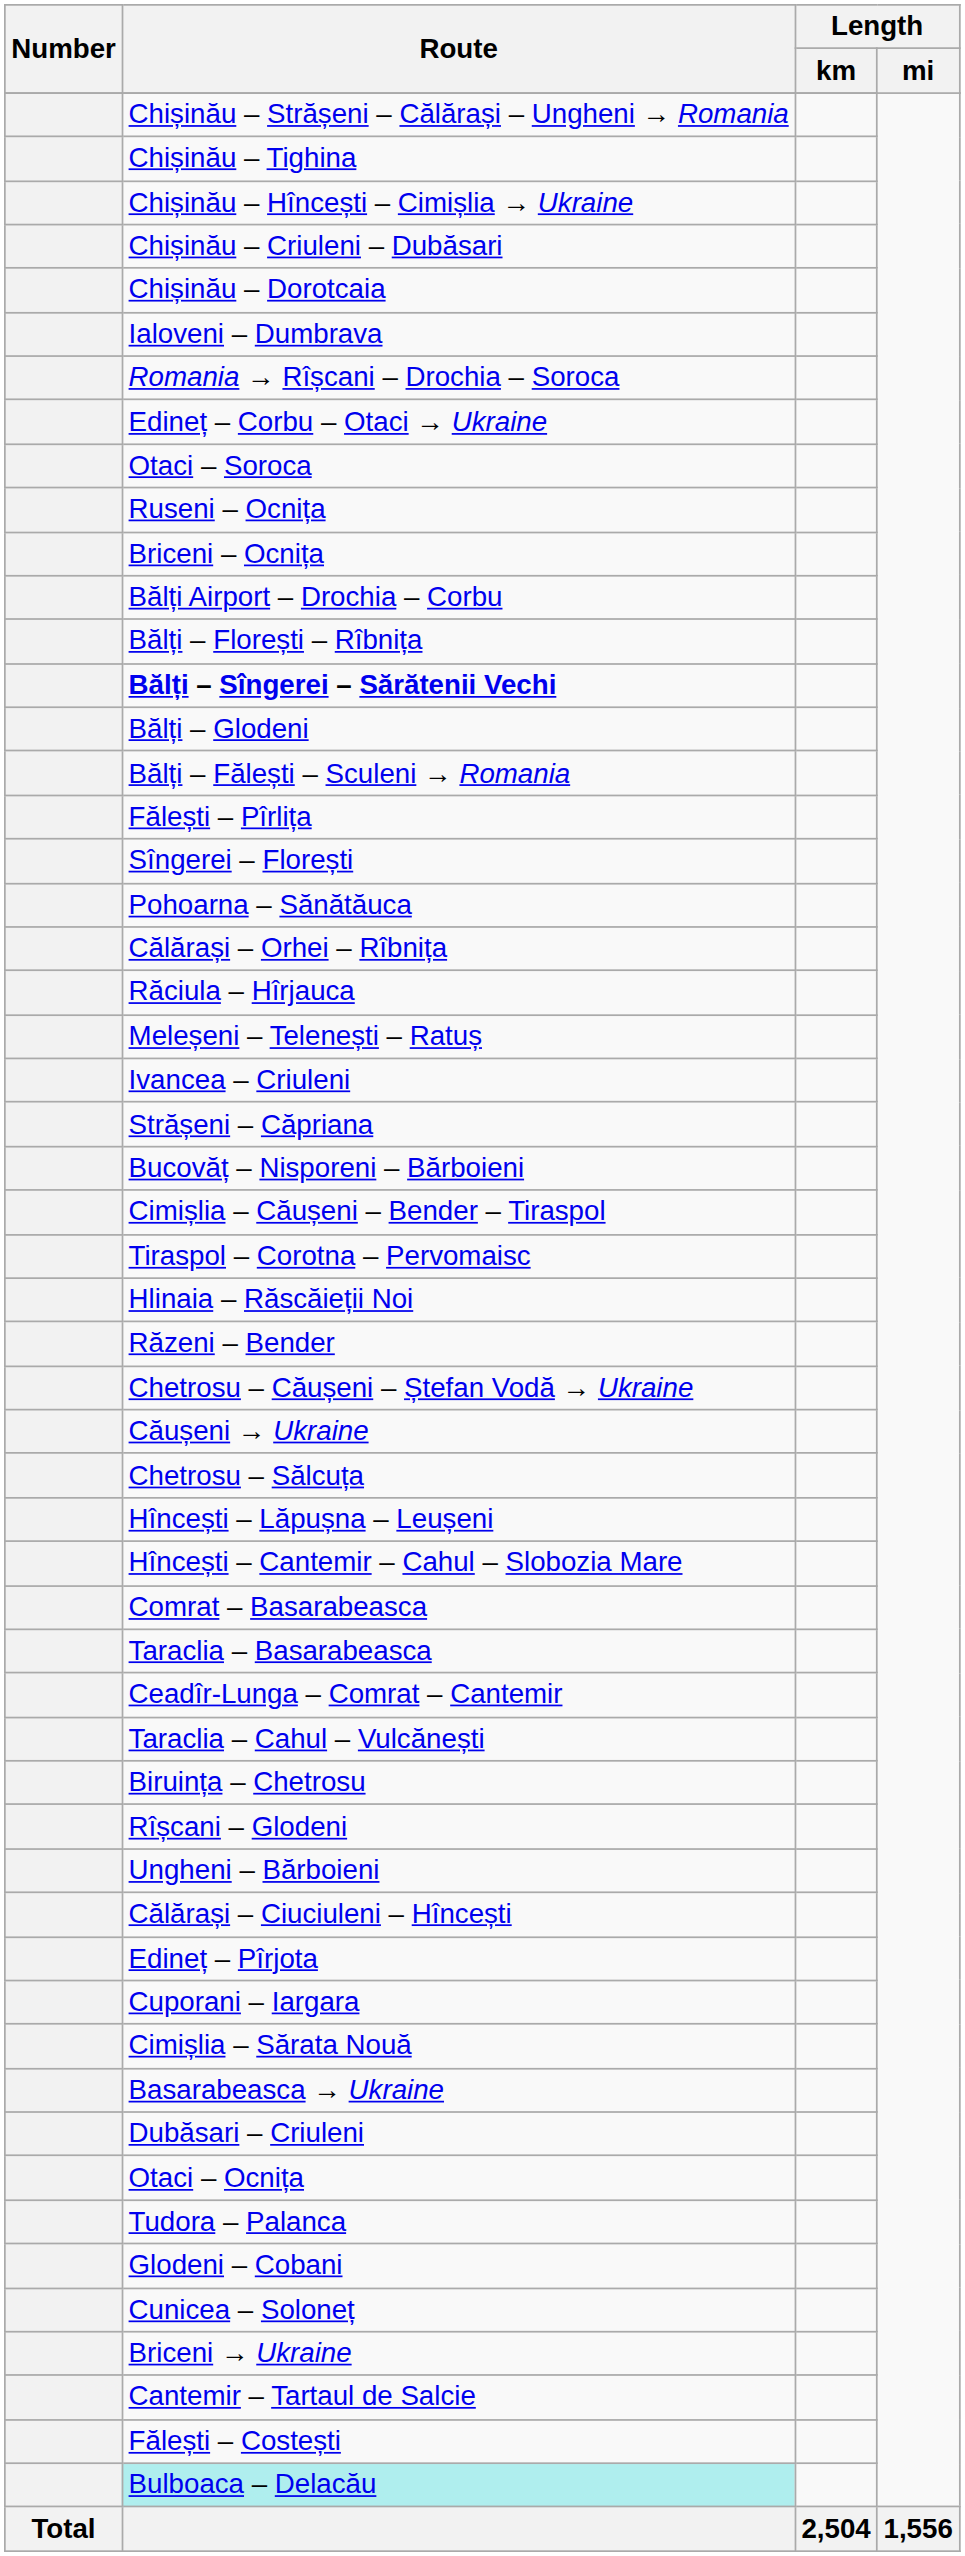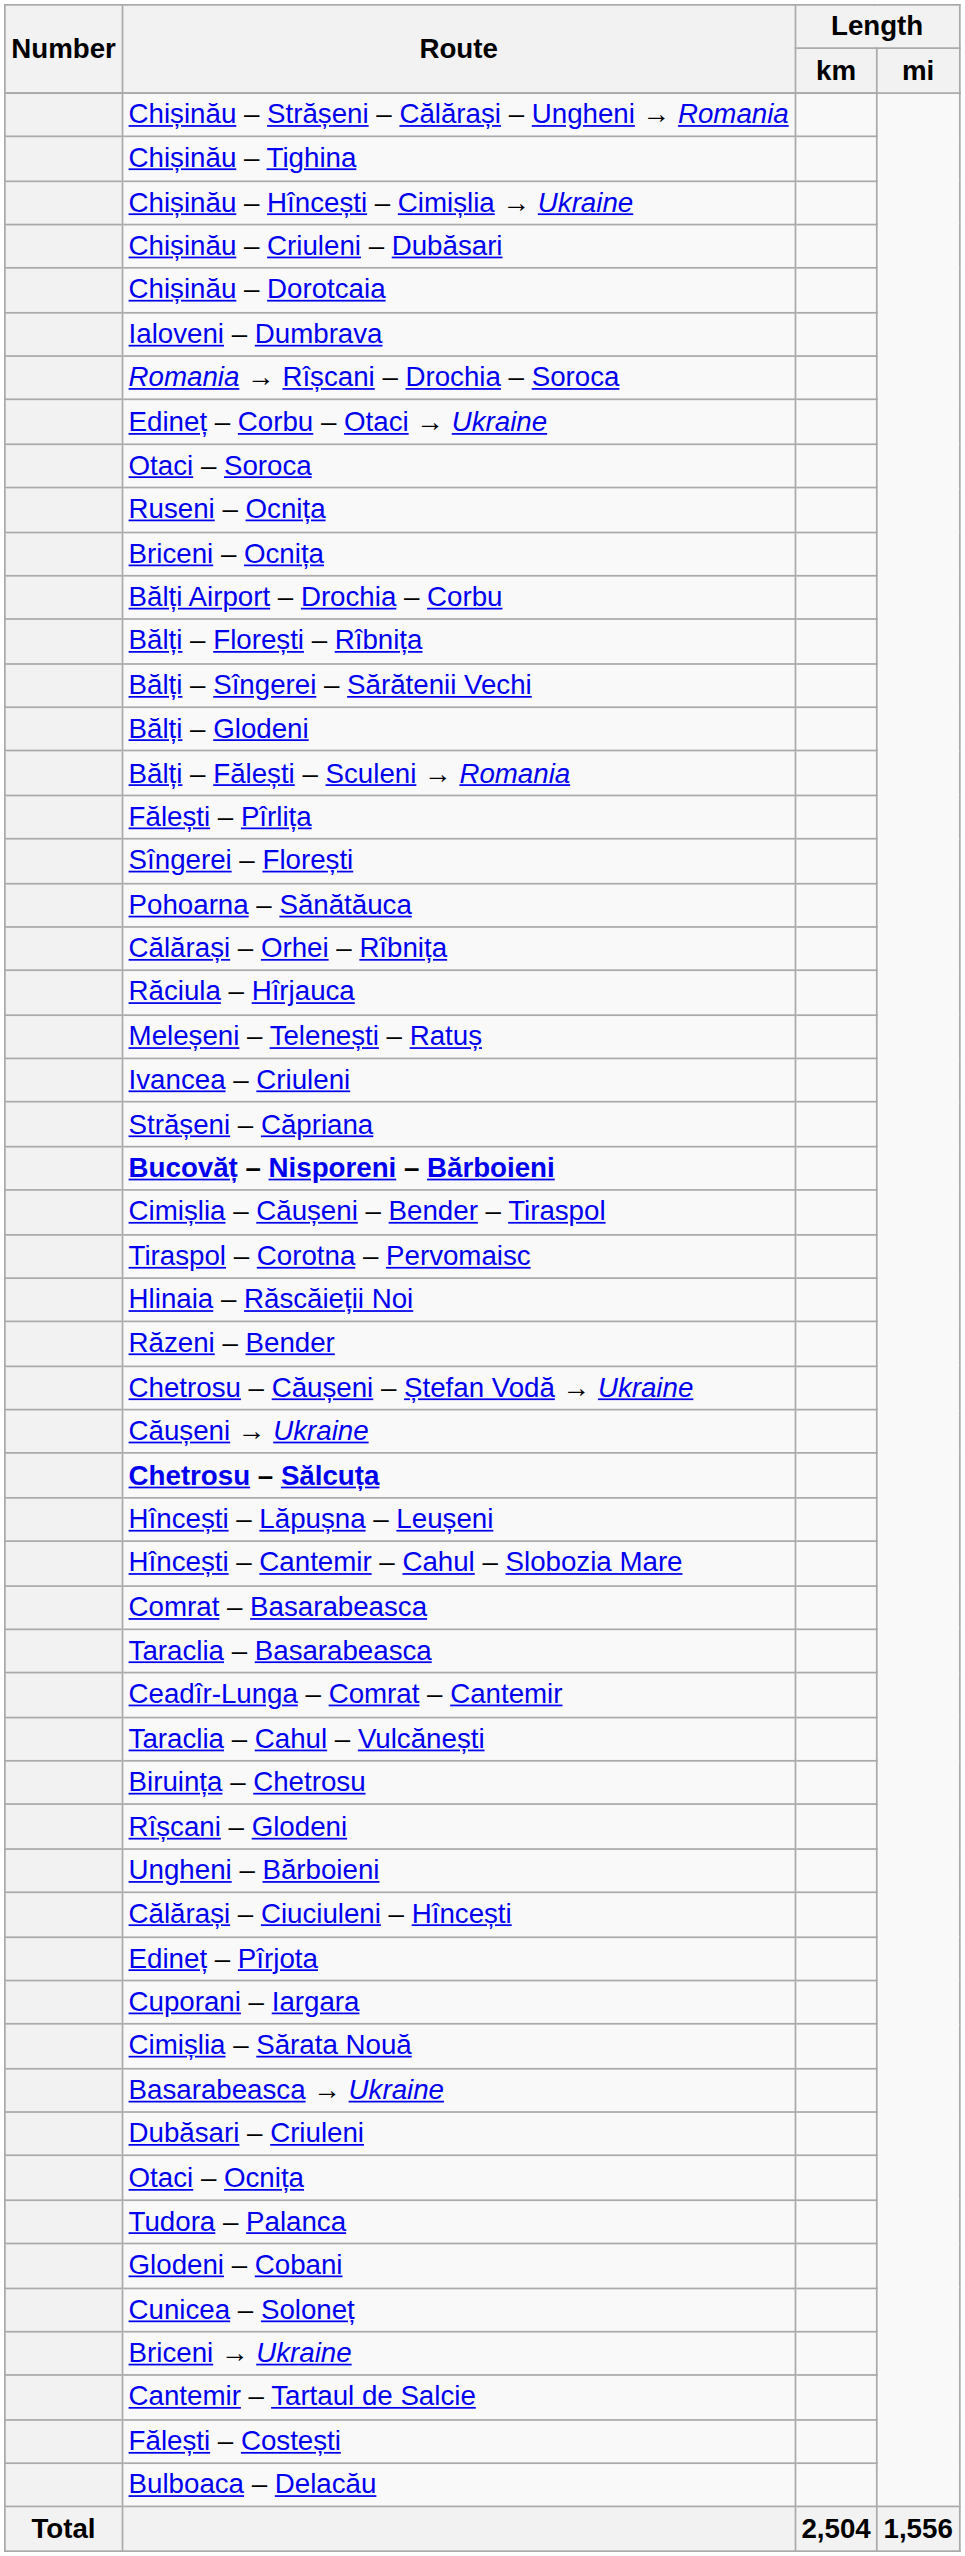 <table class="wikitable">
 <tr>
 <th rowspan=2>Number</th>
 <th rowspan=2>Route</th>
 <th colspan=2>Length</th>
 </tr>
 <tr>
 <th>km</th>
 <th>mi</th>
 </tr>
 <tr>
 </tr>
 <tr>
 <th></th>
 <td><a href='#'>Chișinău</a> – <a href='#'>Strășeni</a> – <a href='#'>Călărași</a> – <a href='#'>Ungheni</a> → <em><a href='#'>Romania</a></em> </td>
 <td></td>
 </tr>
 <tr>
 <th></th>
 <td><a href='#'>Chișinău</a> – <a href='#'>Tighina</a></td>
 <td></td>
 </tr>
 <tr>
 <th></th>
 <td><a href='#'>Chișinău</a> – <a href='#'>Hîncești</a> – <a href='#'>Cimișlia</a> → <em><a href='#'>Ukraine</a></em> </td>
 <td></td>
 </tr>
 <tr>
 <th></th>
 <td><a href='#'>Chișinău</a> – <a href='#'>Criuleni</a> – <a href='#'>Dubăsari</a></td>
 <td></td>
 </tr>
 <tr>
 <th></th>
 <td><a href='#'>Chișinău</a> – <a href='#'>Dorotcaia</a></td>
 <td></td>
 </tr>
 <tr>
 <th></th>
 <td><a href='#'>Ialoveni</a> – <a href='#'>Dumbrava</a></td>
 <td></td>
 </tr>
 <tr>
 <th></th>
 <td><em><a href='#'>Romania</a></em>  → <a href='#'>Rîșcani</a> – <a href='#'>Drochia</a> – <a href='#'>Soroca</a></td>
 <td></td>
 </tr>
 <tr>
 <th></th>
 <td><a href='#'>Edineț</a> – <a href='#'>Corbu</a> – <a href='#'>Otaci</a> → <em><a href='#'>Ukraine</a></em> </td>
 <td></td>
 </tr>
 <tr>
 <th></th>
 <td><a href='#'>Otaci</a> – <a href='#'>Soroca</a></td>
 <td></td>
 </tr>
 <tr>
 <th></th>
 <td><a href='#'>Ruseni</a> – <a href='#'>Ocnița</a></td>
 <td></td>
 </tr>
 <tr>
 <th></th>
 <td><a href='#'>Briceni</a> – <a href='#'>Ocnița</a></td>
 <td></td>
 </tr>
 <tr>
 <th></th>
 <td><a href='#'>Bălți Airport</a> – <a href='#'>Drochia</a> – <a href='#'>Corbu</a></td>
 <td></td>
 </tr>
 <tr>
 <th></th>
 <td><a href='#'>Bălți</a> – <a href='#'>Florești</a> – <a href='#'>Rîbnița</a></td>
 <td></td>
 </tr>
 <tr>
 <th></th>
-<td><strong><a href='#'>Bălți</a> – <a href='#'>Sîngerei</a> – <a href='#'>Sărătenii Vechi</a></strong></td>
+<td><a href='#'>Bălți</a> – <a href='#'>Sîngerei</a> – <a href='#'>Sărătenii Vechi</a></td>
 <td></td>
 </tr>
 <tr>
 <th></th>
 <td><a href='#'>Bălți</a> – <a href='#'>Glodeni</a></td>
 <td></td>
 </tr>
 <tr>
 <th></th>
 <td><a href='#'>Bălți</a> – <a href='#'>Fălești</a> – <a href='#'>Sculeni</a> → <em><a href='#'>Romania</a></em> </td>
 <td></td>
 </tr>
 <tr>
 <th></th>
 <td><a href='#'>Fălești</a> – <a href='#'>Pîrlița</a></td>
 <td></td>
 </tr>
 <tr>
 <th></th>
 <td><a href='#'>Sîngerei</a> – <a href='#'>Florești</a></td>
 <td></td>
 </tr>
 <tr>
 <th></th>
 <td><a href='#'>Pohoarna</a> – <a href='#'>Sănătăuca</a></td>
 <td></td>
 </tr>
 <tr>
 <th></th>
 <td><a href='#'>Călărași</a> – <a href='#'>Orhei</a> – <a href='#'>Rîbnița</a></td>
 <td></td>
 </tr>
 <tr>
 <th></th>
 <td><a href='#'>Răciula</a> – <a href='#'>Hîrjauca</a></td>
 <td></td>
 </tr>
 <tr>
 <th></th>
 <td><a href='#'>Meleșeni</a> – <a href='#'>Telenești</a> – <a href='#'>Ratuș</a></td>
 <td></td>
 </tr>
 <tr>
 <th></th>
 <td><a href='#'>Ivancea</a> – <a href='#'>Criuleni</a></td>
 <td></td>
 </tr>
 <tr>
 <th></th>
 <td><a href='#'>Strășeni</a> – <a href='#'>Căpriana</a></td>
 <td></td>
 </tr>
 <tr>
 <th></th>
-<td><a href='#'>Bucovăț</a> – <a href='#'>Nisporeni</a> – <a href='#'>Bărboieni</a></td>
+<td><strong><a href='#'>Bucovăț</a> – <a href='#'>Nisporeni</a> – <a href='#'>Bărboieni</a></strong></td>
 <td></td>
 </tr>
 <tr>
 <th></th>
 <td><a href='#'>Cimișlia</a> – <a href='#'>Căușeni</a> – <a href='#'>Bender</a> – <a href='#'>Tiraspol</a></td>
 <td></td>
 </tr>
 <tr>
 <th></th>
 <td><a href='#'>Tiraspol</a> – <a href='#'>Corotna</a> – <a href='#'>Pervomaisc</a></td>
 <td></td>
 </tr>
 <tr>
 <th></th>
 <td><a href='#'>Hlinaia</a> – <a href='#'>Răscăieții Noi</a></td>
 <td></td>
 </tr>
 <tr>
 <th></th>
 <td><a href='#'>Răzeni</a> – <a href='#'>Bender</a></td>
 <td></td>
 </tr>
 <tr>
 <th></th>
 <td><a href='#'>Chetrosu</a> – <a href='#'>Căușeni</a> – <a href='#'>Ștefan Vodă</a> → <em><a href='#'>Ukraine</a></em> </td>
 <td></td>
 </tr>
 <tr>
 <th></th>
 <td><a href='#'>Căușeni</a> → <em><a href='#'>Ukraine</a></em> </td>
 <td></td>
 </tr>
 <tr>
 <th></th>
-<td><a href='#'>Chetrosu</a> – <a href='#'>Sălcuța</a></td>
+<td><strong><a href='#'>Chetrosu</a> – <a href='#'>Sălcuța</a></strong></td>
 <td></td>
 </tr>
 <tr>
 <th></th>
 <td><a href='#'>Hîncești</a> – <a href='#'>Lăpușna</a> – <a href='#'>Leușeni</a></td>
 <td></td>
 </tr>
 <tr>
 <th></th>
 <td><a href='#'>Hîncești</a> – <a href='#'>Cantemir</a> – <a href='#'>Cahul</a> – <a href='#'>Slobozia Mare</a></td>
 <td></td>
 </tr>
 <tr>
 <th></th>
 <td><a href='#'>Comrat</a> – <a href='#'>Basarabeasca</a></td>
 <td></td>
 </tr>
 <tr>
 <th></th>
 <td><a href='#'>Taraclia</a> – <a href='#'>Basarabeasca</a></td>
 <td></td>
 </tr>
 <tr>
 <th></th>
 <td><a href='#'>Ceadîr-Lunga</a> – <a href='#'>Comrat</a> – <a href='#'>Cantemir</a></td>
 <td></td>
 </tr>
 <tr>
 <th></th>
 <td><a href='#'>Taraclia</a> – <a href='#'>Cahul</a> – <a href='#'>Vulcănești</a></td>
 <td></td>
 </tr>
 <tr>
 <th></th>
 <td><a href='#'>Biruința</a> – <a href='#'>Chetrosu</a></td>
 <td></td>
 </tr>
 <tr>
 <th></th>
 <td><a href='#'>Rîșcani</a> – <a href='#'>Glodeni</a></td>
 <td></td>
 </tr>
 <tr>
 <th></th>
 <td><a href='#'>Ungheni</a> – <a href='#'>Bărboieni</a></td>
 <td></td>
 </tr>
 <tr>
 <th></th>
 <td><a href='#'>Călărași</a> – <a href='#'>Ciuciuleni</a> – <a href='#'>Hîncești</a></td>
 <td></td>
 </tr>
 <tr>
 <th></th>
 <td><a href='#'>Edineț</a> – <a href='#'>Pîrjota</a></td>
 <td></td>
 </tr>
 <tr>
 <th></th>
 <td><a href='#'>Cuporani</a> – <a href='#'>Iargara</a></td>
 <td></td>
 </tr>
 <tr>
 <th></th>
 <td><a href='#'>Cimișlia</a> – <a href='#'>Sărata Nouă</a></td>
 <td></td>
 </tr>
 <tr>
 <th></th>
 <td><a href='#'>Basarabeasca</a> → <em><a href='#'>Ukraine</a></em> </td>
 <td></td>
 </tr>
 <tr>
 <th></th>
 <td><a href='#'>Dubăsari</a> – <a href='#'>Criuleni</a></td>
 <td></td>
 </tr>
 <tr>
 <th></th>
 <td><a href='#'>Otaci</a> – <a href='#'>Ocnița</a></td>
 <td></td>
 </tr>
 <tr>
 <th></th>
 <td><a href='#'>Tudora</a> – <a href='#'>Palanca</a></td>
 <td></td>
 </tr>
 <tr>
 <th></th>
 <td><a href='#'>Glodeni</a> – <a href='#'>Cobani</a></td>
 <td></td>
 </tr>
 <tr>
 <th></th>
 <td><a href='#'>Cunicea</a> – <a href='#'>Soloneț</a></td>
 <td></td>
 </tr>
 <tr>
 <th></th>
 <td><a href='#'>Briceni</a> → <em><a href='#'>Ukraine</a></em> </td>
 <td></td>
 </tr>
 <tr>
 <th></th>
 <td><a href='#'>Cantemir</a> – <a href='#'>Tartaul de Salcie</a></td>
 <td></td>
 </tr>
 <tr>
 <th></th>
 <td><a href='#'>Fălești</a> – <a href='#'>Costești</a></td>
 <td></td>
 </tr>
 <tr>
 <th></th>
-<td style="background: paleturquoise;"><a href='#'>Bulboaca</a> – <a href='#'>Delacău</a></td>
+<td><a href='#'>Bulboaca</a> – <a href='#'>Delacău</a></td>
 <td></td>
 </tr>
 <tr>
 <th>Total</th>
 <th></th>
 <th>2,504</th>
 <th>1,556</th>
 </tr>
 <tr>
 </tr>
 </table>
